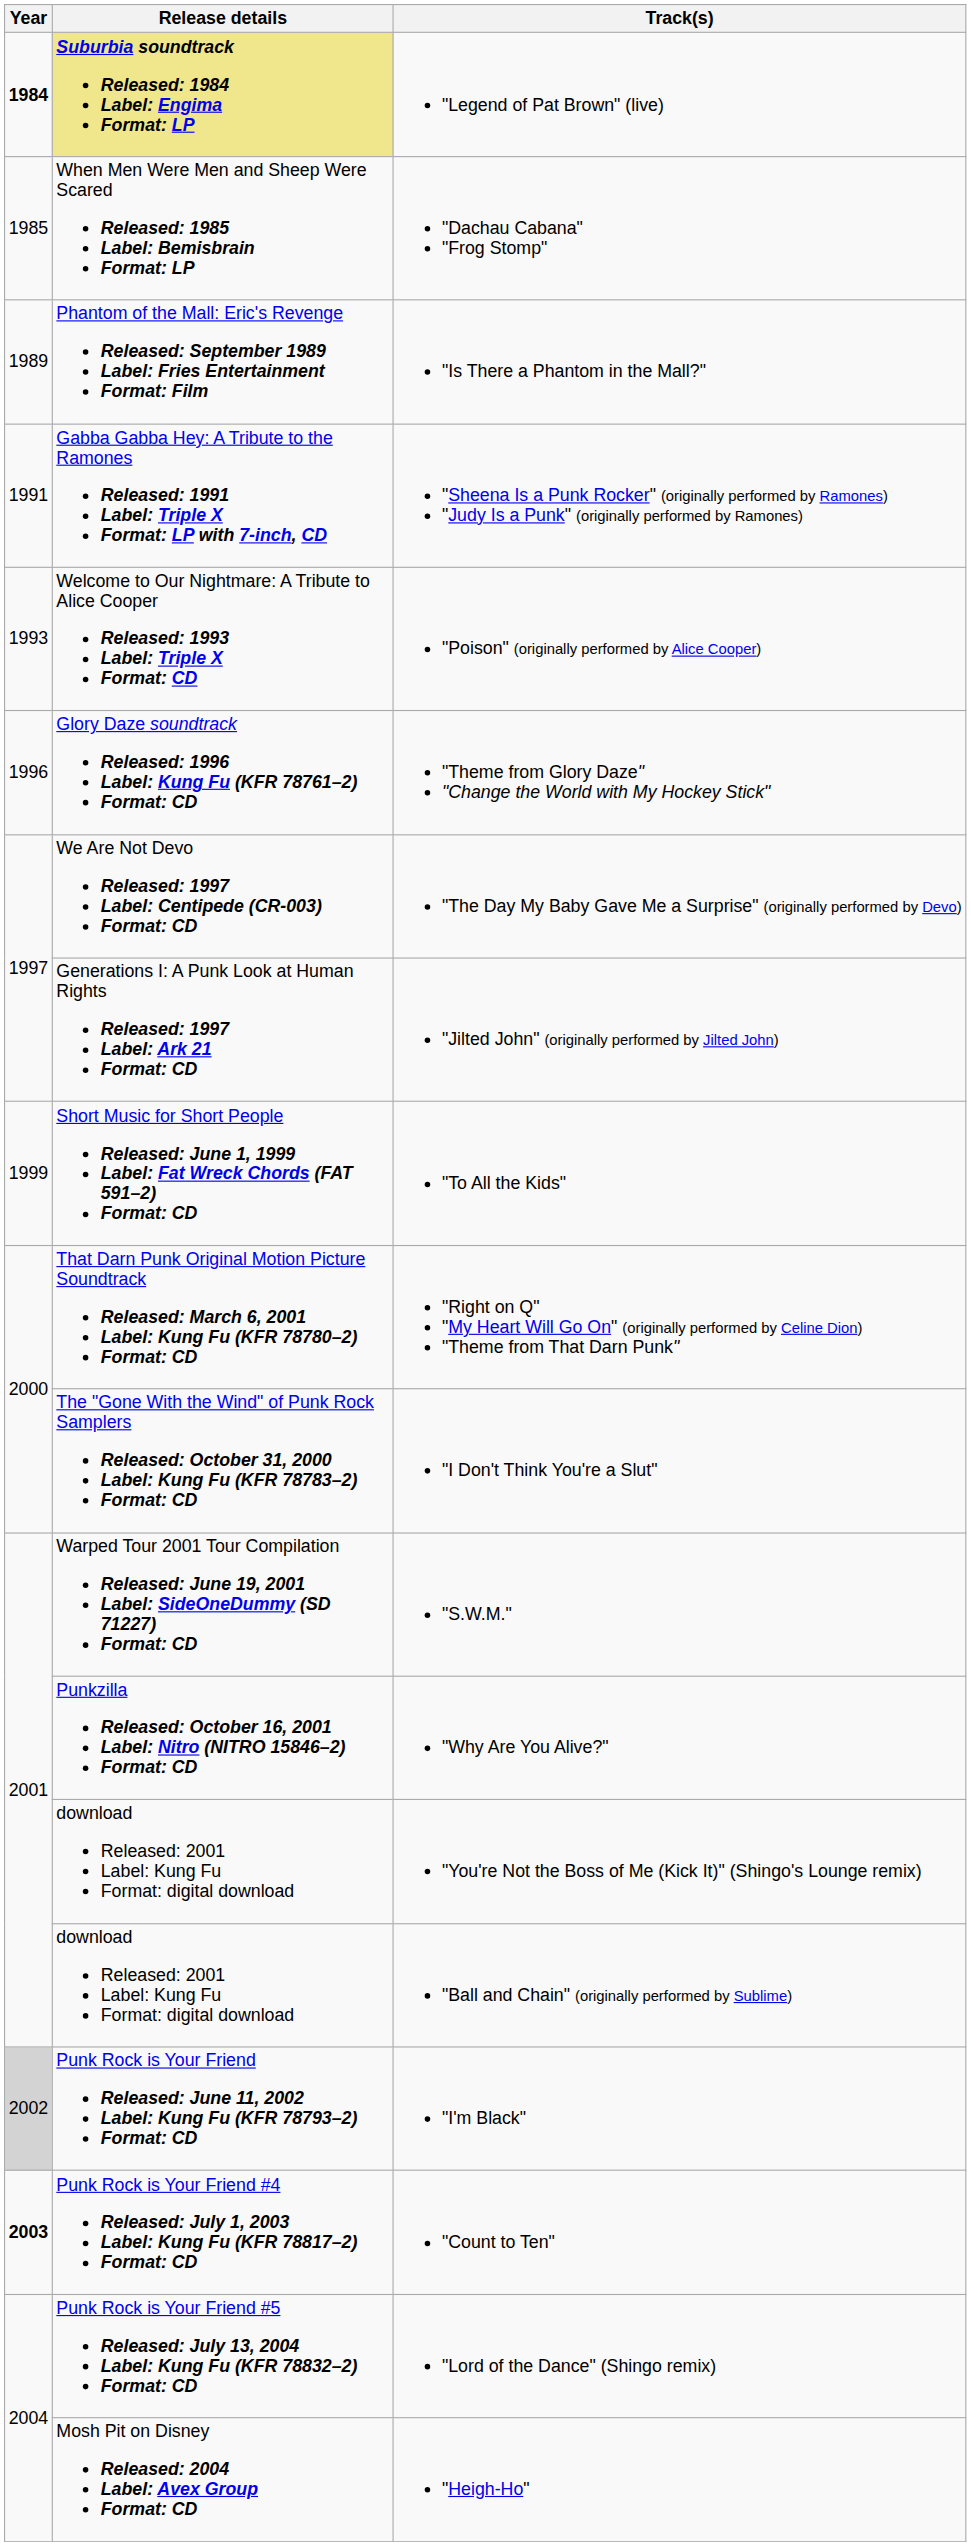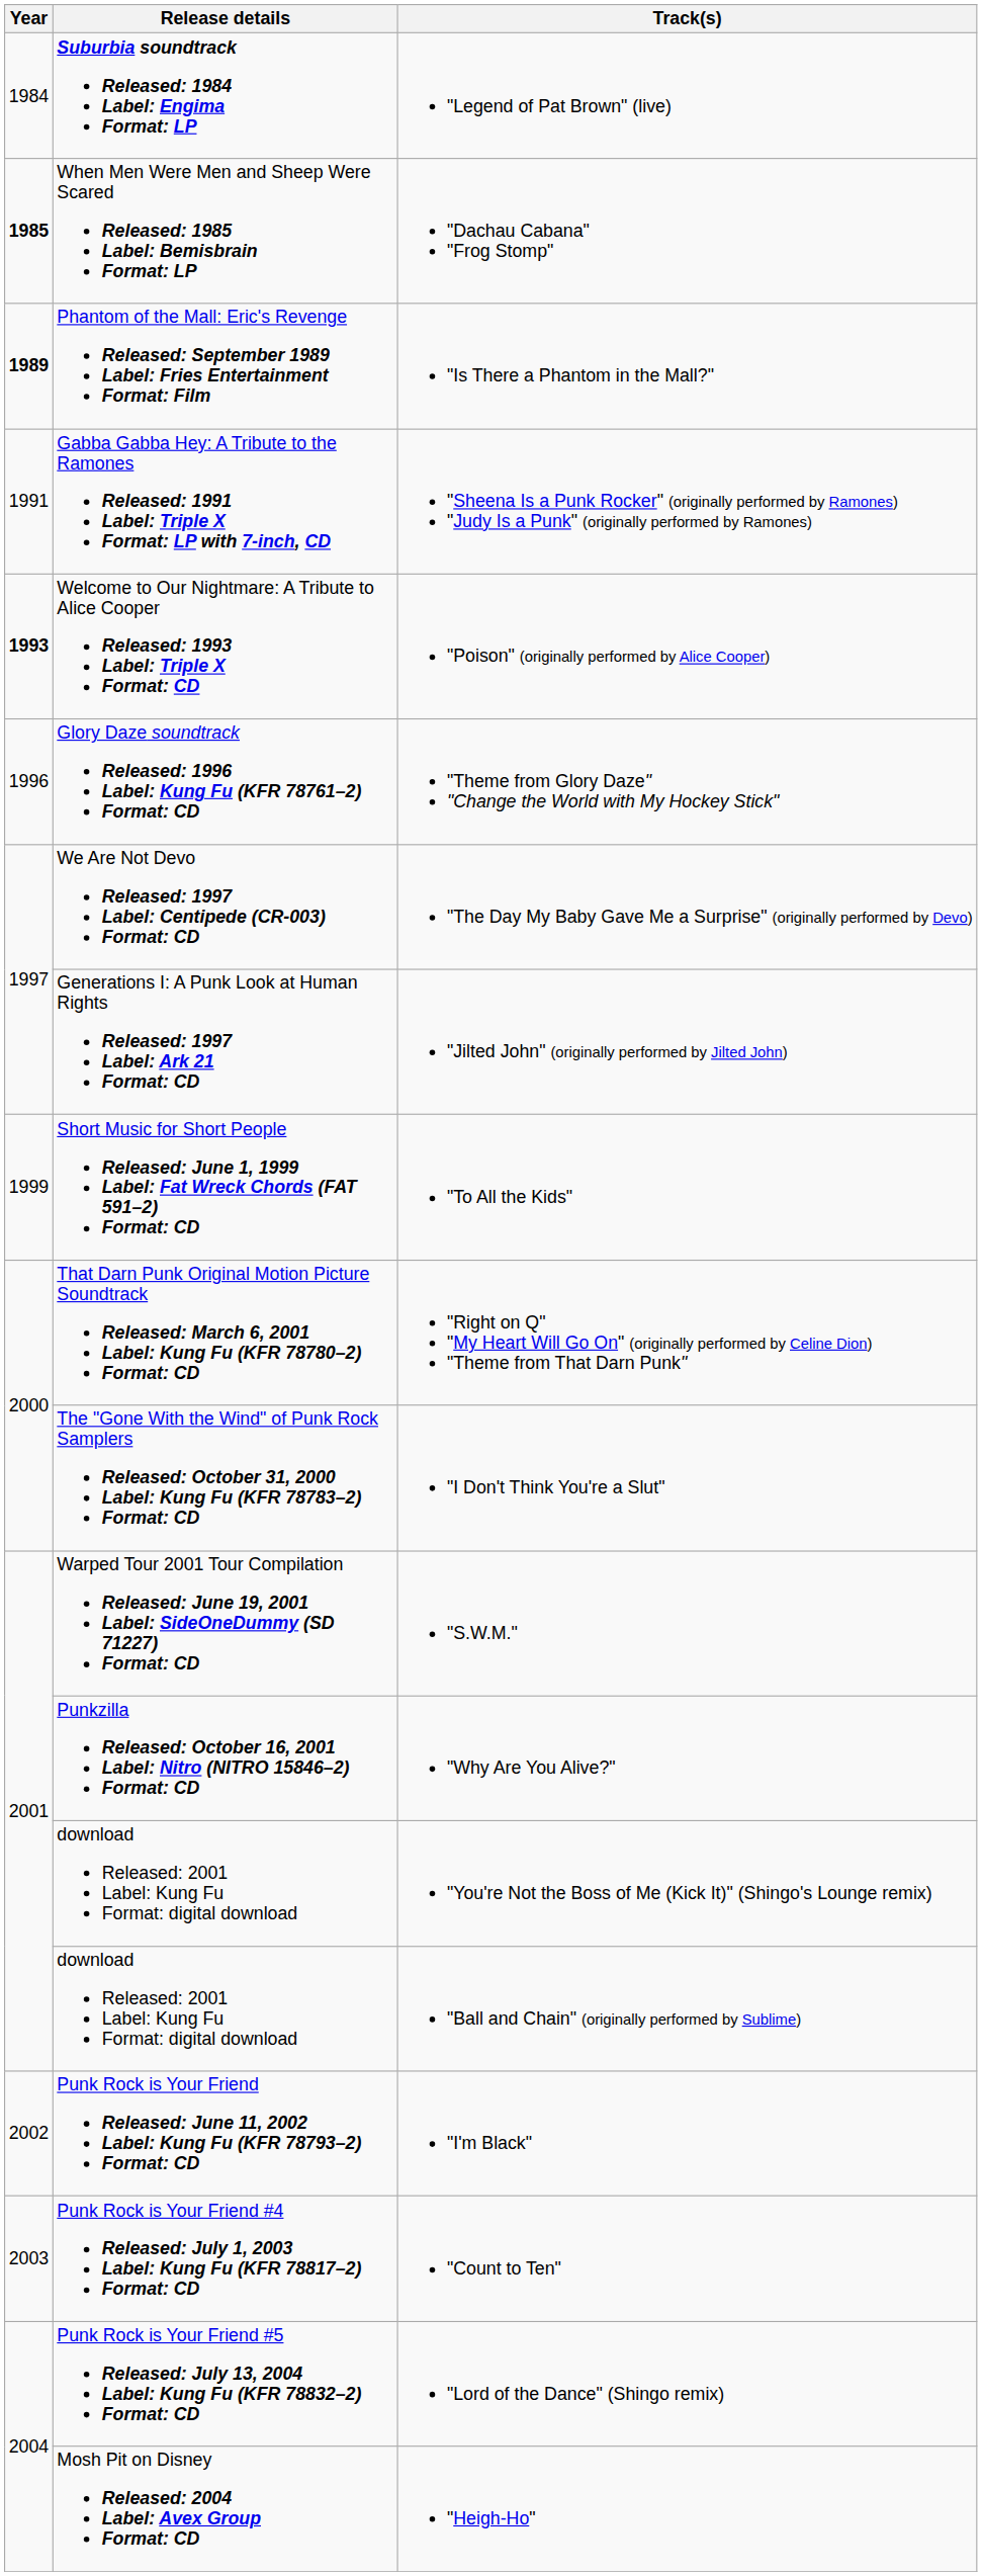 <table class ="wikitable">
 <tr>
 <th>Year</th>
 <th width="300">Release details</th>
 <th>Track(s)</th>
 </tr>
 <tr>
-<td><strong>1984</strong></td>
-<td style="background: khaki;"><strong><em><a href='#'>Suburbia</a><em> soundtrack<strong><br><ul><li>Released: 1984</li><li>Label: <a href='#'>Engima</a></li><li>Format: <a href='#'>LP</a></li></ul></td>
+<td>1984</td>
+<td><strong><em><a href='#'>Suburbia</a><em> soundtrack<strong><br><ul><li>Released: 1984</li><li>Label: <a href='#'>Engima</a></li><li>Format: <a href='#'>LP</a></li></ul></td>
 <td><br><ul><li>"Legend of Pat Brown" (live)</li></ul></td>
 </tr>
 <tr>
-<td>1985</td>
+<td><strong>1985</strong></td>
 <td></em></strong>When Men Were Men and Sheep Were Scared<strong><em><br><ul><li>Released: 1985</li><li>Label: Bemisbrain</li><li>Format: LP</li></ul></td>
 <td><br><ul><li>"Dachau Cabana"</li><li>"Frog Stomp"</li></ul></td>
 </tr>
 <tr>
-<td>1989</td>
+<td><strong>1989</strong></td>
 <td></em></strong><a href='#'>Phantom of the Mall: Eric's Revenge</a><strong><em><br><ul><li>Released: September 1989</li><li>Label: Fries Entertainment</li><li>Format: Film</li></ul></td>
 <td><br><ul><li>"Is There a Phantom in the Mall?"</li></ul></td>
 </tr>
 <tr>
 <td>1991</td>
 <td></em></strong><a href='#'>Gabba Gabba Hey: A Tribute to the Ramones</a><strong><em><br><ul><li>Released: 1991</li><li>Label: <a href='#'>Triple X</a></li><li>Format: <a href='#'>LP</a> with <a href='#'>7-inch</a>, <a href='#'>CD</a></li></ul></td>
 <td><br><ul><li>"<a href='#'>Sheena Is a Punk Rocker</a>" <small>(originally performed by <a href='#'>Ramones</a>)</small></li><li>"<a href='#'>Judy Is a Punk</a>" <small>(originally performed by Ramones)</small></li></ul></td>
 </tr>
 <tr>
-<td>1993</td>
+<td><strong>1993</strong></td>
 <td></em></strong>Welcome to Our Nightmare: A Tribute to Alice Cooper<strong><em><br><ul><li>Released: 1993</li><li>Label: <a href='#'>Triple X</a></li><li>Format: <a href='#'>CD</a></li></ul></td>
 <td><br><ul><li>"Poison" <small>(originally performed by <a href='#'>Alice Cooper</a>)</small></li></ul></td>
 </tr>
 <tr>
 <td>1996</td>
 <td></strong><a href='#'></em>Glory Daze<em> soundtrack</a><strong><br><ul><li>Released: 1996</li><li>Label: <a href='#'>Kung Fu</a> (KFR 78761–2)</li><li>Format: CD</li></ul></td>
 <td><br><ul><li>"Theme from </em>Glory Daze<em>"</li><li>"Change the World with My Hockey Stick"</li></ul></td>
 </tr>
 <tr>
 <td align="center" rowspan="2">1997</td>
 <td></em></strong>We Are Not Devo<strong><em><br><ul><li>Released: 1997</li><li>Label: Centipede (CR-003)</li><li>Format: CD</li></ul></td>
 <td><br><ul><li>"The Day My Baby Gave Me a Surprise" <small>(originally performed by <a href='#'>Devo</a>)</small></li></ul></td>
 </tr>
 <tr>
 <td></em></strong>Generations I: A Punk Look at Human Rights<strong><em><br><ul><li>Released: 1997</li><li>Label: <a href='#'>Ark 21</a></li><li>Format: CD</li></ul></td>
 <td><br><ul><li>"Jilted John" <small>(originally performed by <a href='#'>Jilted John</a>)</small></li></ul></td>
 </tr>
 <tr>
 <td>1999</td>
 <td></em></strong><a href='#'>Short Music for Short People</a><strong><em><br><ul><li>Released: June 1, 1999</li><li>Label: <a href='#'>Fat Wreck Chords</a> (FAT 591–2)</li><li>Format: CD</li></ul></td>
 <td><br><ul><li>"To All the Kids"</li></ul></td>
 </tr>
 <tr>
 <td align="center" rowspan="2">2000</td>
 <td></em></strong><a href='#'>That Darn Punk Original Motion Picture Soundtrack</a><strong><em><br><ul><li>Released: March 6, 2001</li><li>Label: Kung Fu (KFR 78780–2)</li><li>Format: CD</li></ul></td>
 <td><br><ul><li>"Right on Q"</li><li>"<a href='#'>My Heart Will Go On</a>" <small>(originally performed by <a href='#'>Celine Dion</a>)</small></li><li>"Theme from </em>That Darn Punk<em>"</li></ul></td>
 </tr>
 <tr>
 <td></em></strong><a href='#'>The "Gone With the Wind" of Punk Rock Samplers</a><strong><em><br><ul><li>Released: October 31, 2000</li><li>Label: Kung Fu (KFR 78783–2)</li><li>Format: CD</li></ul></td>
 <td><br><ul><li>"I Don't Think You're a Slut"</li></ul></td>
 </tr>
 <tr>
 <td align="center" rowspan="4">2001</td>
 <td></em></strong>Warped Tour 2001 Tour Compilation<strong><em><br><ul><li>Released: June 19, 2001</li><li>Label: <a href='#'>SideOneDummy</a> (SD 71227)</li><li>Format: CD</li></ul></td>
 <td><br><ul><li>"S.W.M."</li></ul></td>
 </tr>
 <tr>
 <td></em></strong><a href='#'>Punkzilla</a><strong><em><br><ul><li>Released: October 16, 2001</li><li>Label: <a href='#'>Nitro</a> (NITRO 15846–2)</li><li>Format: CD</li></ul></td>
 <td><br><ul><li>"Why Are You Alive?"</li></ul></td>
 </tr>
 <tr>
 <td>download<br><ul><li>Released: 2001</li><li>Label: Kung Fu</li><li>Format: digital download</li></ul></td>
 <td><br><ul><li>"You're Not the Boss of Me (Kick It)" (Shingo's Lounge remix)</li></ul></td>
 </tr>
 <tr>
 <td>download<br><ul><li>Released: 2001</li><li>Label: Kung Fu</li><li>Format: digital download</li></ul></td>
 <td><br><ul><li>"Ball and Chain" <small>(originally performed by <a href='#'>Sublime</a>)</small></li></ul></td>
 </tr>
 <tr>
-<td style="background: lightgrey;">2002</td>
+<td>2002</td>
 <td></em></strong><a href='#'>Punk Rock is Your Friend</a><strong><em><br><ul><li>Released: June 11, 2002</li><li>Label: Kung Fu (KFR 78793–2)</li><li>Format: CD</li></ul></td>
 <td><br><ul><li>"I'm Black"</li></ul></td>
 </tr>
 <tr>
-<td><strong>2003</strong></td>
+<td>2003</td>
 <td></em></strong><a href='#'>Punk Rock is Your Friend #4</a><strong><em><br><ul><li>Released: July 1, 2003</li><li>Label: Kung Fu (KFR 78817–2)</li><li>Format: CD</li></ul></td>
 <td><br><ul><li>"Count to Ten"</li></ul></td>
 </tr>
 <tr>
 <td rowspan="2">2004</td>
 <td></em></strong><a href='#'>Punk Rock is Your Friend #5</a><strong><em><br><ul><li>Released: July 13, 2004</li><li>Label: Kung Fu (KFR 78832–2)</li><li>Format: CD</li></ul></td>
 <td><br><ul><li>"Lord of the Dance" (Shingo remix)</li></ul></td>
 </tr>
 <tr>
 <td></em></strong>Mosh Pit on Disney<strong><em><br><ul><li>Released: 2004</li><li>Label: <a href='#'>Avex Group</a></li><li>Format: CD</li></ul></td>
 <td><br><ul><li>"<a href='#'>Heigh-Ho</a>"</li></ul></td>
 </tr>
 <tr>
 </tr>
 </table>
